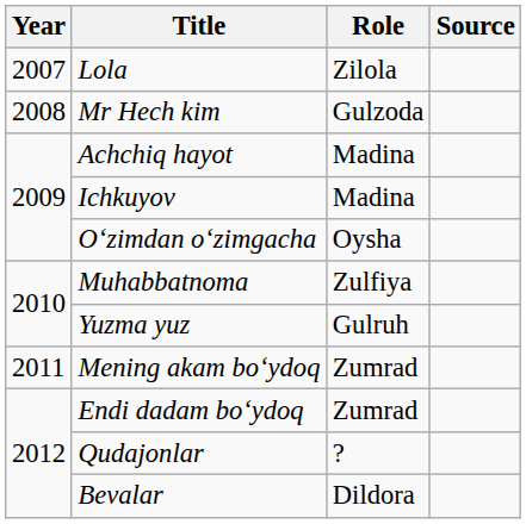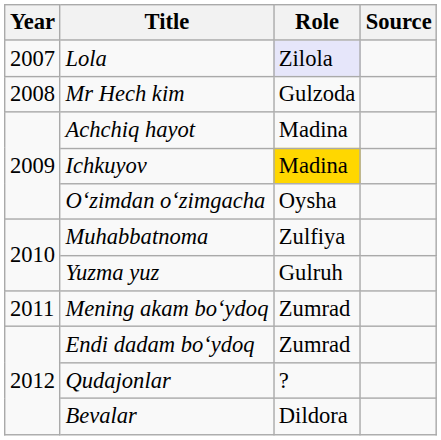 <table class="wikitable sortable">
 <tr>
 <th>Year</th>
 <th>Title</th>
 <th>Role</th>
 <th>Source</th>
 </tr>
 <tr>
 <td rowspan=1>2007</td>
 <td><em>Lola</em></td>
-<td>Zilola</td>
+<td style="background: lavender;">Zilola</td>
 <td></td>
 </tr>
 <tr>
 <td>2008</td>
 <td><em>Mr Hech kim</em></td>
 <td>Gulzoda</td>
 <td></td>
 </tr>
 <tr>
 <td rowspan=3>2009</td>
 <td><em>Achchiq hayot</em></td>
 <td>Madina</td>
 <td></td>
 </tr>
 <tr>
 <td><em>Ichkuyov</em></td>
-<td>Madina</td>
+<td style="background: gold;">Madina</td>
 <td></td>
 </tr>
 <tr>
 <td><em>Oʻzimdan oʻzimgacha</em></td>
 <td>Oysha</td>
 <td></td>
 </tr>
 <tr>
 <td rowspan=2>2010</td>
 <td><em>Muhabbatnoma</em></td>
 <td>Zulfiya</td>
 <td></td>
 </tr>
 <tr>
 <td><em>Yuzma yuz</em></td>
 <td>Gulruh</td>
 <td></td>
 </tr>
 <tr>
 <td rowspan=1>2011</td>
 <td><em>Mening akam boʻydoq</em></td>
 <td>Zumrad</td>
 <td></td>
 </tr>
 <tr>
 <td rowspan=3>2012</td>
 <td><em>Endi dadam boʻydoq</em></td>
 <td>Zumrad</td>
 <td></td>
 </tr>
 <tr>
 <td><em>Qudajonlar</em></td>
 <td>?</td>
 <td></td>
 </tr>
 <tr>
 <td><em>Bevalar</em></td>
 <td>Dildora</td>
 <td></td>
 </tr>
 </table>
